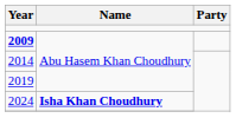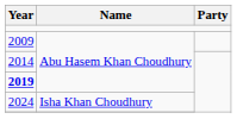 <table class="wikitable">
 <tr>
 <th>Year</th>
 <th>Name</th>
 <th colspan="2">Party</th>
 </tr>
 <tr>
 <td colspan="4"></td>
 </tr>
 <tr>
-<td><strong><a href='#'>2009</a></strong></td>
+<td><a href='#'>2009</a></td>
 <td rowspan="3"><a href='#'>Abu Hasem Khan Choudhury</a></td>
 <td></td>
 </tr>
 <tr>
 <td><a href='#'>2014</a></td>
 </tr>
 <tr>
-<td><a href='#'>2019</a></td>
+<td><strong><a href='#'>2019</a></strong></td>
 </tr>
 <tr>
 <td><a href='#'>2024</a></td>
-<td rowspan="1"><strong><a href='#'>Isha Khan Choudhury</a></strong></td>
+<td rowspan="1"><a href='#'>Isha Khan Choudhury</a></td>
 </tr>
 <tr>
 </tr>
 </table>
